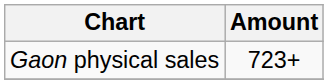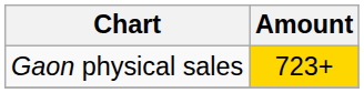 <table class="wikitable" style="text-align:center">
 <tr>
 <th>Chart</th>
 <th>Amount</th>
 </tr>
 <tr>
 <td><em>Gaon</em> physical sales</td>
-<td>723+</td>
+<td style="background: gold;">723+</td>
 </tr>
 <tr>
 </tr>
 </table>
